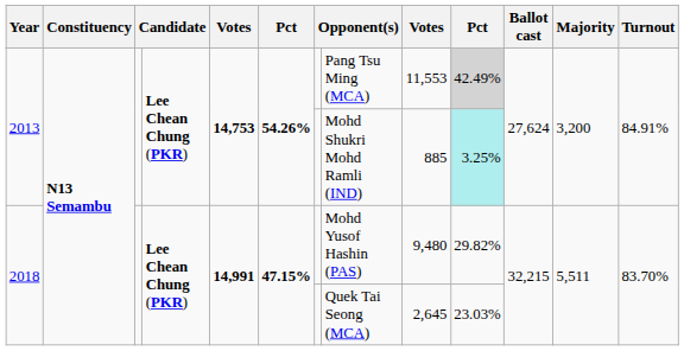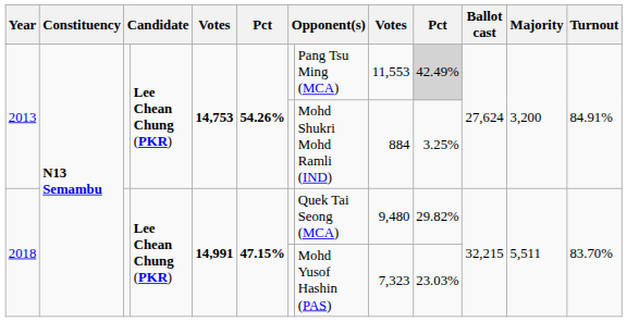 <table class="wikitable" style="margin:0.5em ; font-size:95%">
 <tr>
 <th>Year</th>
 <th>Constituency</th>
 <th colspan=2>Candidate</th>
 <th>Votes</th>
 <th>Pct</th>
 <th colspan=2>Opponent(s)</th>
 <th>Votes</th>
 <th>Pct</th>
 <th>Ballot cast</th>
 <th>Majority</th>
 <th>Turnout</th>
 </tr>
 <tr>
 <td rowspan=2><a href='#'>2013</a></td>
 <td rowspan=4><strong>N13 <a href='#'>Semambu</a></strong></td>
 <td rowspan="2" ></td>
 <td rowspan="2"><strong>Lee Chean Chung</strong> (<a href='#'><strong>PKR</strong></a>)</td>
 <td rowspan="2"><strong>14,753</strong></td>
 <td rowspan="2"><strong>54.26%</strong></td>
 <td></td>
 <td>Pang Tsu Ming (<a href='#'>MCA</a>)</td>
 <td align="right">11,553</td>
 <td align="right" style="background: lightgrey;">42.49%</td>
 <td rowspan="2">27,624</td>
 <td rowspan="2">3,200</td>
 <td rowspan="2">84.91%</td>
 </tr>
 <tr>
 <td></td>
 <td>Mohd Shukri Mohd Ramli (<a href='#'>IND</a>)</td>
-<td align="right">885</td>
-<td align="right" style="background: paleturquoise;">3.25%</td>
+<td align="right">884</td>
+<td align="right">3.25%</td>
 </tr>
 <tr>
 <td rowspan=2><a href='#'>2018</a></td>
 <td rowspan=2 ></td>
 <td rowspan=2><strong>Lee Chean Chung</strong> (<a href='#'><strong>PKR</strong></a>)</td>
 <td rowspan=2><strong>14,991</strong></td>
 <td rowspan=2><strong>47.15%</strong></td>
 <td></td>
-<td>Mohd Yusof Hashin (<a href='#'>PAS</a>)</td>
+<td>Quek Tai Seong (<a href='#'>MCA</a>)</td>
 <td align="right">9,480</td>
 <td align="right">29.82%</td>
 <td rowspan="2">32,215</td>
 <td rowspan="2">5,511</td>
 <td rowspan="2">83.70%</td>
 </tr>
 <tr>
 <td></td>
-<td>Quek Tai Seong (<a href='#'>MCA</a>)</td>
-<td align="right">2,645</td>
+<td>Mohd Yusof Hashin (<a href='#'>PAS</a>)</td>
+<td align="right">7,323</td>
 <td align="right">23.03%</td>
 </tr>
 </table>
